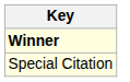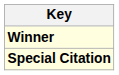 <table class="wikitable">
 <tr>
 <th>Key</th>
 </tr>
 <tr style="background:lightyellow;">
 <td><strong>Winner</strong></td>
 </tr>
 <tr style="background:lightyellow;">
-<td>Special Citation</td>
+<td><strong>Special Citation</strong></td>
 </tr>
 </table>
